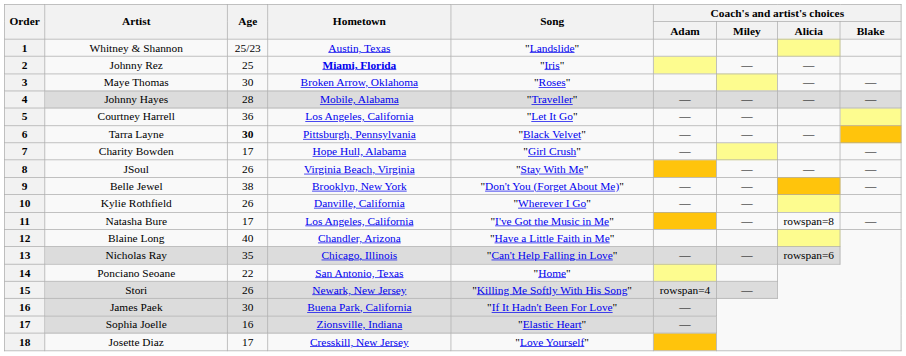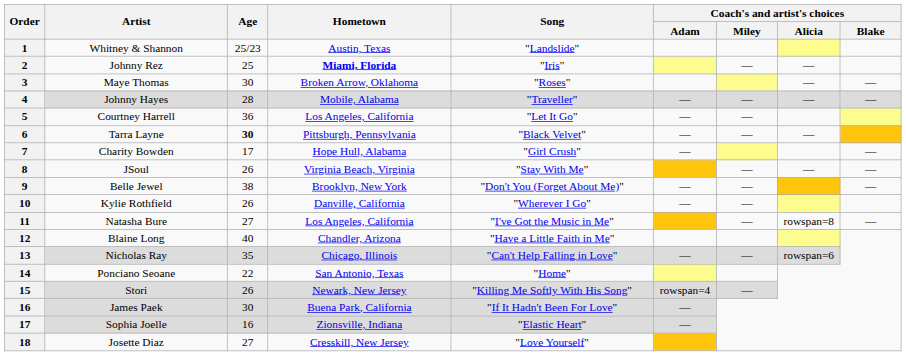 <table class="wikitable" style="text-align:center; line-height:17px; width:100%;">
 <tr>
 <th scope="col" rowspan="2" style="width:04%;">Order</th>
 <th scope="col" rowspan="2" style="width:18%;">Artist</th>
 <th scope="col" rowspan="2" style="width:04%;">Age</th>
 <th scope="col" rowspan="2" style="width:18%;">Hometown</th>
 <th scope="col" rowspan="2" style="width:20%;">Song</th>
 <th scope="col" colspan="4" style="width:24%;">Coach's and artist's choices</th>
 </tr>
 <tr>
 <th style="width:06%;">Adam</th>
 <th style="width:06%;">Miley</th>
 <th style="width:06%;">Alicia</th>
 <th style="width:06%;">Blake</th>
 </tr>
 <tr>
 <th>1</th>
 <td>Whitney & Shannon</td>
 <td>25/23</td>
 <td><a href='#'>Austin, Texas</a></td>
 <td>"<a href='#'>Landslide</a>"</td>
 <td><strong></strong></td>
 <td><strong></strong></td>
 <td style="background:#fdfc8f;"><strong></strong></td>
 <td><strong></strong></td>
 </tr>
 <tr>
 <th>2</th>
 <td>Johnny Rez</td>
 <td>25</td>
 <td><strong><a href='#'>Miami, Florida</a></strong></td>
 <td>"<a href='#'>Iris</a>"</td>
 <td style="background:#fdfc8f;"><strong></strong></td>
 <td>—</td>
 <td>—</td>
 <td><strong></strong></td>
 </tr>
 <tr>
 <th>3</th>
 <td>Maye Thomas</td>
 <td>30</td>
 <td><a href='#'>Broken Arrow, Oklahoma</a></td>
 <td>"<a href='#'>Roses</a>"</td>
 <td><strong></strong></td>
 <td style="background:#fdfc8f;"><strong></strong></td>
 <td>—</td>
 <td>—</td>
 </tr>
 <tr style="background:#DCDCDC;">
 <th>4</th>
 <td>Johnny Hayes</td>
 <td>28</td>
 <td><a href='#'>Mobile, Alabama</a></td>
 <td>"<a href='#'>Traveller</a>"</td>
 <td>—</td>
 <td>—</td>
 <td>—</td>
 <td>—</td>
 </tr>
 <tr>
 <th>5</th>
 <td>Courtney Harrell</td>
 <td>36</td>
 <td><a href='#'>Los Angeles, California</a></td>
 <td>"<a href='#'>Let It Go</a>"</td>
 <td>—</td>
 <td>—</td>
 <td><strong></strong></td>
 <td style="background:#fdfc8f;"><strong></strong></td>
 </tr>
 <tr>
 <th>6</th>
 <td>Tarra Layne</td>
 <td><strong>30</strong></td>
 <td><a href='#'>Pittsburgh, Pennsylvania</a></td>
 <td>"<a href='#'>Black Velvet</a>"</td>
 <td>—</td>
 <td>—</td>
 <td>—</td>
 <td style="background:#FFC40C;"><strong></strong></td>
 </tr>
 <tr>
 <th>7</th>
 <td>Charity Bowden</td>
 <td>17</td>
 <td><a href='#'>Hope Hull, Alabama</a></td>
 <td>"<a href='#'>Girl Crush</a>"</td>
 <td>—</td>
 <td style="background:#fdfc8f;"><strong></strong></td>
 <td><strong></strong></td>
 <td>—</td>
 </tr>
 <tr>
 <th>8</th>
 <td>JSoul</td>
 <td>26</td>
 <td><a href='#'>Virginia Beach, Virginia</a></td>
 <td>"<a href='#'>Stay With Me</a>"</td>
 <td style="background:#FFC40C;"><strong></strong></td>
 <td>—</td>
 <td>—</td>
 <td>—</td>
 </tr>
 <tr>
 <th>9</th>
 <td>Belle Jewel</td>
 <td>38</td>
 <td><a href='#'>Brooklyn, New York</a></td>
 <td>"<a href='#'>Don't You (Forget About Me)</a>"</td>
 <td>—</td>
 <td>—</td>
 <td style="background:#FFC40C;"><strong></strong></td>
 <td>—</td>
 </tr>
 <tr>
 <th>10</th>
 <td>Kylie Rothfield</td>
 <td>26</td>
 <td><a href='#'>Danville, California</a></td>
 <td>"<a href='#'>Wherever I Go</a>"</td>
 <td>—</td>
 <td>—</td>
 <td style="background:#fdfc8f;"><strong></strong></td>
 <td><strong></strong></td>
 </tr>
 <tr>
 <th>11</th>
 <td>Natasha Bure</td>
-<td>17</td>
+<td>27</td>
 <td><a href='#'>Los Angeles, California</a></td>
 <td>"<a href='#'>I've Got the Music in Me</a>"</td>
 <td style="background:#FFC40C;"><strong></strong></td>
 <td>—</td>
 <td>rowspan=8 </td>
 <td>—</td>
 </tr>
 <tr>
 <th>12</th>
 <td>Blaine Long</td>
 <td>40</td>
 <td><a href='#'>Chandler, Arizona</a></td>
 <td>"<a href='#'>Have a Little Faith in Me</a>"</td>
 <td><strong></strong></td>
 <td><strong></strong></td>
 <td style="background:#fdfc8f;"><strong></strong></td>
 </tr>
 <tr style="background:#DCDCDC;">
 <th>13</th>
 <td>Nicholas Ray</td>
 <td>35</td>
 <td><a href='#'>Chicago, Illinois</a></td>
 <td>"<a href='#'>Can't Help Falling in Love</a>"</td>
 <td>—</td>
 <td>—</td>
 <td>rowspan=6 </td>
 </tr>
 <tr>
 <th>14</th>
 <td>Ponciano Seoane</td>
 <td>22</td>
 <td><a href='#'>San Antonio, Texas</a></td>
 <td>"<a href='#'>Home</a>"</td>
 <td style="background:#fdfc8f;"><strong></strong></td>
 <td><strong></strong></td>
 </tr>
 <tr style="background:#DCDCDC;">
 <th>15</th>
 <td>Stori</td>
 <td>26</td>
 <td><a href='#'>Newark, New Jersey</a></td>
 <td>"<a href='#'>Killing Me Softly With His Song</a>"</td>
 <td>rowspan=4 </td>
 <td>—</td>
 </tr>
 <tr style="background:#DCDCDC;">
 <th>16</th>
 <td>James Paek</td>
 <td>30</td>
 <td><a href='#'>Buena Park, California</a></td>
 <td>"<a href='#'>If It Hadn't Been For Love</a>"</td>
 <td>—</td>
 </tr>
 <tr style="background:#DCDCDC;">
 <th>17</th>
 <td>Sophia Joelle</td>
 <td>16</td>
 <td><a href='#'>Zionsville, Indiana</a></td>
 <td>"<a href='#'>Elastic Heart</a>"</td>
 <td>—</td>
 </tr>
 <tr>
 <th>18</th>
 <td>Josette Diaz</td>
-<td>17</td>
+<td>27</td>
 <td><a href='#'>Cresskill, New Jersey</a></td>
 <td>"<a href='#'>Love Yourself</a>"</td>
 <td style="background:#FFC40C;"><strong></strong></td>
 </tr>
 </table>
